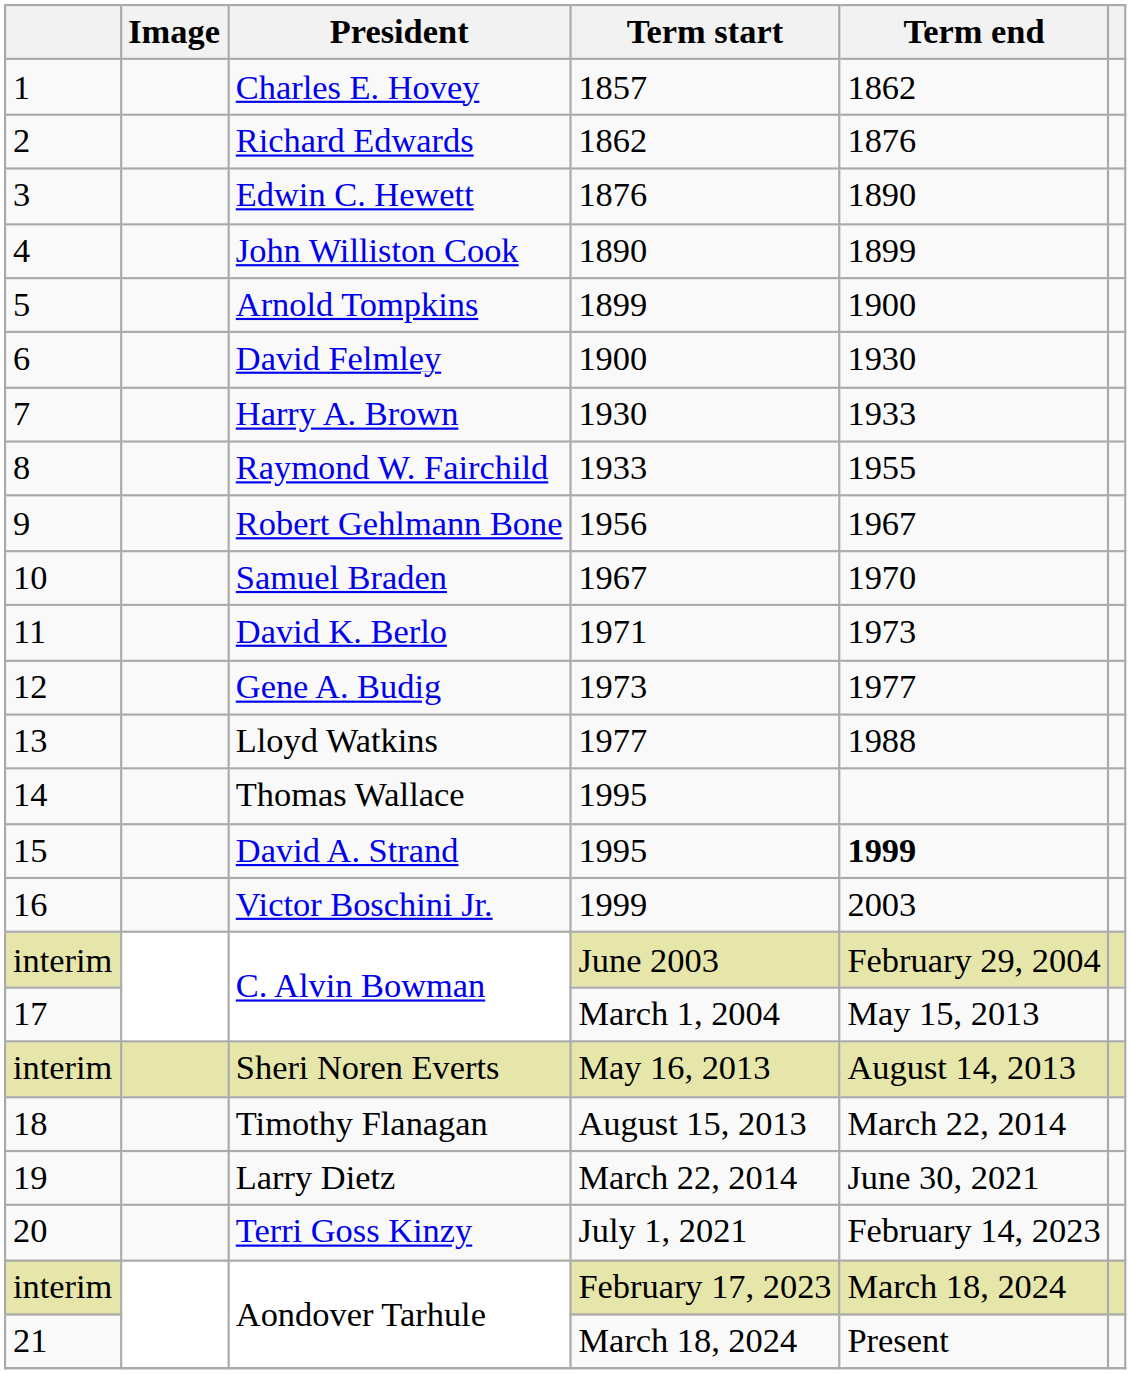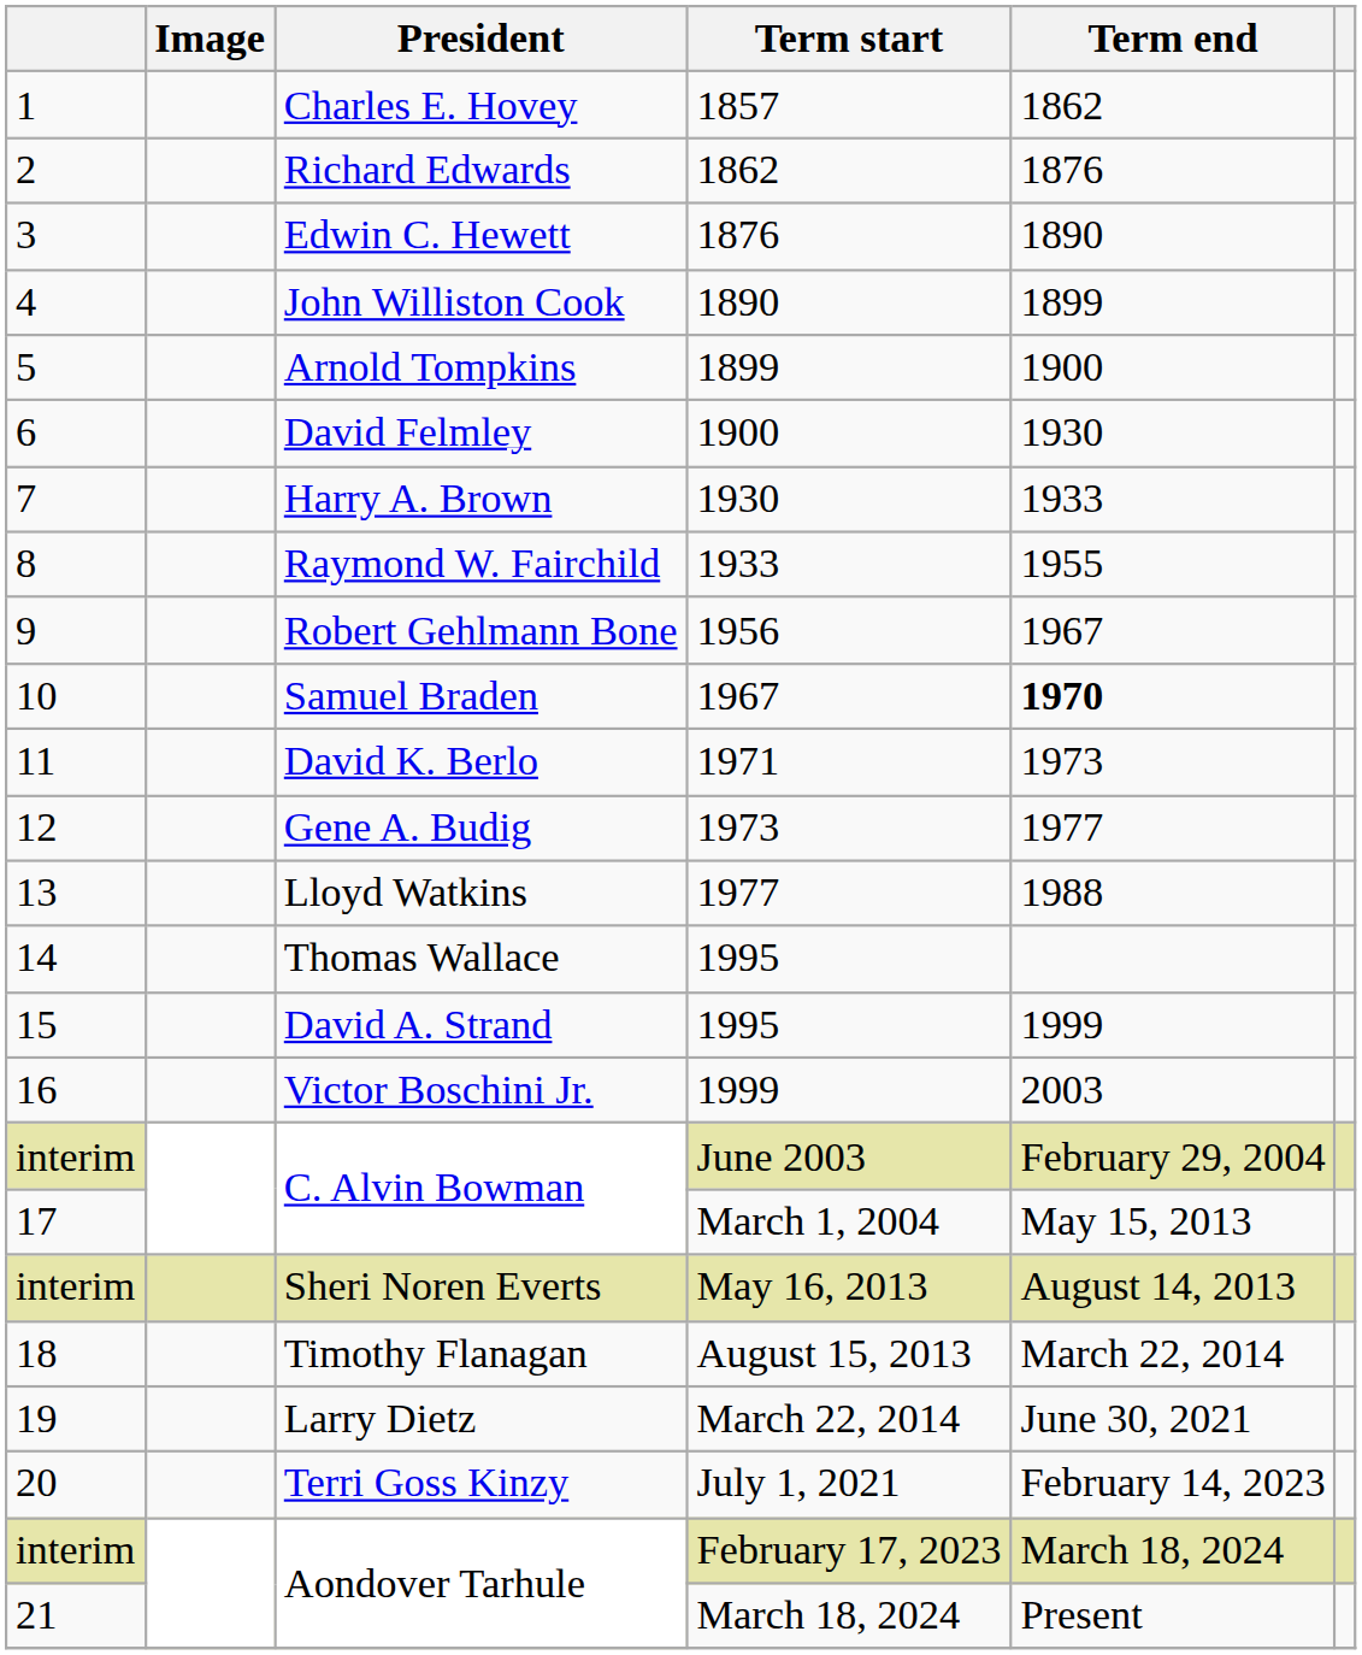 <table class="wikitable">
 <tr>
 <th></th>
 <th>Image</th>
 <th>President</th>
 <th>Term start</th>
 <th>Term end</th>
 <th></th>
 </tr>
 <tr>
 <td>1</td>
 <td></td>
 <td><a href='#'>Charles E. Hovey</a></td>
 <td>1857</td>
 <td>1862</td>
 <td></td>
 </tr>
 <tr>
 <td>2</td>
 <td></td>
 <td><a href='#'>Richard Edwards</a></td>
 <td>1862</td>
 <td>1876</td>
 <td></td>
 </tr>
 <tr>
 <td>3</td>
 <td></td>
 <td><a href='#'>Edwin C. Hewett</a></td>
 <td>1876</td>
 <td>1890</td>
 <td></td>
 </tr>
 <tr>
 <td>4</td>
 <td></td>
 <td><a href='#'>John Williston Cook</a></td>
 <td>1890</td>
 <td>1899</td>
 <td></td>
 </tr>
 <tr>
 <td>5</td>
 <td></td>
 <td><a href='#'>Arnold Tompkins</a></td>
 <td>1899</td>
 <td>1900</td>
 <td></td>
 </tr>
 <tr>
 <td>6</td>
 <td></td>
 <td><a href='#'>David Felmley</a></td>
 <td>1900</td>
 <td>1930</td>
 <td></td>
 </tr>
 <tr>
 <td>7</td>
 <td></td>
 <td><a href='#'>Harry A. Brown</a></td>
 <td>1930</td>
 <td>1933</td>
 <td></td>
 </tr>
 <tr>
 <td>8</td>
 <td></td>
 <td><a href='#'>Raymond W. Fairchild</a></td>
 <td>1933</td>
 <td>1955</td>
 <td></td>
 </tr>
 <tr>
 <td>9</td>
 <td></td>
 <td><a href='#'>Robert Gehlmann Bone</a></td>
 <td>1956</td>
 <td>1967</td>
 <td></td>
 </tr>
 <tr>
 <td>10</td>
 <td></td>
 <td><a href='#'>Samuel Braden</a></td>
 <td>1967</td>
-<td>1970</td>
+<td><strong>1970</strong></td>
 <td></td>
 </tr>
 <tr>
 <td>11</td>
 <td></td>
 <td><a href='#'>David K. Berlo</a></td>
 <td>1971</td>
 <td>1973</td>
 <td></td>
 </tr>
 <tr>
 <td>12</td>
 <td></td>
 <td><a href='#'>Gene A. Budig</a></td>
 <td>1973</td>
 <td>1977</td>
 <td></td>
 </tr>
 <tr>
 <td>13</td>
 <td></td>
 <td>Lloyd Watkins</td>
 <td>1977</td>
 <td>1988</td>
 <td></td>
 </tr>
 <tr>
 <td>14</td>
 <td></td>
 <td>Thomas Wallace</td>
 <td 1988>1995</td>
 <td></td>
 </tr>
 <tr>
 <td>15</td>
 <td></td>
 <td><a href='#'>David A. Strand</a></td>
 <td>1995</td>
-<td><strong>1999</strong></td>
+<td>1999</td>
 <td></td>
 </tr>
 <tr>
 <td>16</td>
 <td></td>
 <td><a href='#'>Victor Boschini Jr.</a></td>
 <td>1999</td>
 <td>2003</td>
 <td></td>
 </tr>
 <tr bgcolor="#e6e6aa">
 <td>interim</td>
 <td rowspan="2" bgcolor="#ffffff"></td>
 <td rowspan="2" bgcolor="#ffffff"><a href='#'>C. Alvin Bowman</a></td>
 <td>June 2003</td>
 <td>February 29, 2004</td>
 <td></td>
 </tr>
 <tr>
 <td>17</td>
 <td>March 1, 2004</td>
 <td>May 15, 2013</td>
 <td></td>
 </tr>
 <tr bgcolor="#e6e6aa">
 <td>interim</td>
 <td></td>
 <td>Sheri Noren Everts</td>
 <td>May 16, 2013</td>
 <td>August 14, 2013</td>
 <td></td>
 </tr>
 <tr>
 <td>18</td>
 <td></td>
 <td>Timothy Flanagan</td>
 <td>August 15, 2013</td>
 <td>March 22, 2014</td>
 <td></td>
 </tr>
 <tr>
 <td>19</td>
 <td></td>
 <td>Larry Dietz</td>
 <td>March 22, 2014</td>
 <td>June 30, 2021</td>
 <td></td>
 </tr>
 <tr>
 <td>20</td>
 <td></td>
 <td><a href='#'>Terri Goss Kinzy</a></td>
 <td>July 1, 2021</td>
 <td>February 14, 2023</td>
 <td></td>
 </tr>
 <tr bgcolor="#e6e6aa">
 <td>interim</td>
 <td rowspan="2" bgcolor="#ffffff"></td>
 <td rowspan="2" bgcolor="#ffffff">Aondover Tarhule</td>
 <td>February 17, 2023</td>
 <td>March 18, 2024</td>
 <td></td>
 </tr>
 <tr>
 <td>21</td>
 <td>March 18, 2024</td>
 <td>Present</td>
 <td></td>
 </tr>
 <tr>
 </tr>
 </table>
